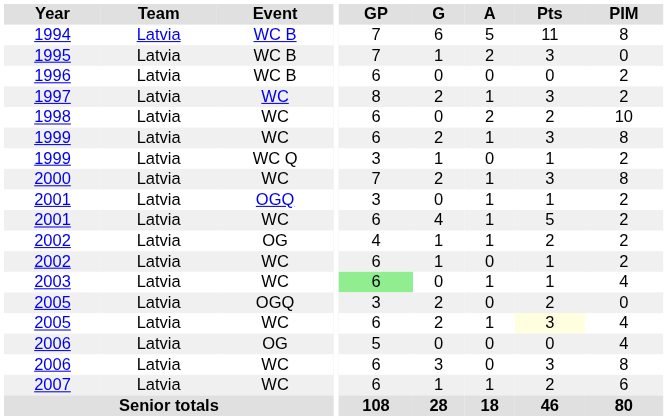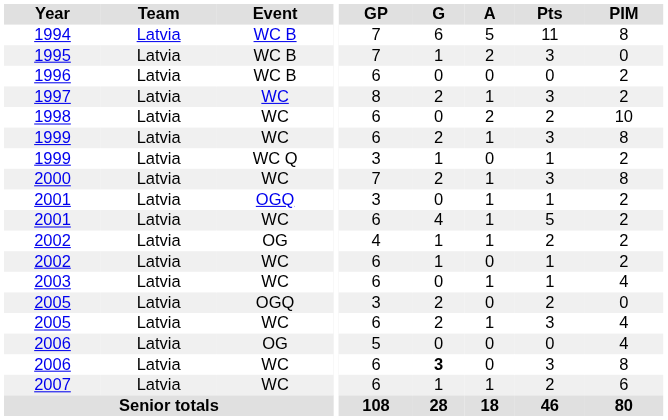 <table border="0" cellpadding="1" cellspacing="0" ID="Table3" style="text-align:center; width:40em">
 <tr ALIGN="center" bgcolor="#e0e0e0">
 <th>Year</th>
 <th>Team</th>
 <th>Event</th>
 <th rowspan="99" bgcolor="#ffffff"></th>
 <th>GP</th>
 <th>G</th>
 <th>A</th>
 <th>Pts</th>
 <th>PIM</th>
 </tr>
 <tr>
 <td><a href='#'>1994</a></td>
 <td><a href='#'>Latvia</a></td>
 <td><a href='#'>WC B</a></td>
 <td>7</td>
 <td>6</td>
 <td>5</td>
 <td>11</td>
 <td>8</td>
 </tr>
 <tr bgcolor="#f0f0f0">
 <td><a href='#'>1995</a></td>
 <td>Latvia</td>
 <td>WC B</td>
 <td>7</td>
 <td>1</td>
 <td>2</td>
 <td>3</td>
 <td>0</td>
 </tr>
 <tr>
 <td><a href='#'>1996</a></td>
 <td>Latvia</td>
 <td>WC B</td>
 <td>6</td>
 <td>0</td>
 <td>0</td>
 <td>0</td>
 <td>2</td>
 </tr>
 <tr bgcolor="#f0f0f0">
 <td><a href='#'>1997</a></td>
 <td>Latvia</td>
 <td><a href='#'>WC</a></td>
 <td>8</td>
 <td>2</td>
 <td>1</td>
 <td>3</td>
 <td>2</td>
 </tr>
 <tr>
 <td><a href='#'>1998</a></td>
 <td>Latvia</td>
 <td>WC</td>
 <td>6</td>
 <td>0</td>
 <td>2</td>
 <td>2</td>
 <td>10</td>
 </tr>
 <tr bgcolor="#f0f0f0">
 <td><a href='#'>1999</a></td>
 <td>Latvia</td>
 <td>WC</td>
 <td>6</td>
 <td>2</td>
 <td>1</td>
 <td>3</td>
 <td>8</td>
 </tr>
 <tr>
 <td><a href='#'>1999</a></td>
 <td>Latvia</td>
 <td>WC Q</td>
 <td>3</td>
 <td>1</td>
 <td>0</td>
 <td>1</td>
 <td>2</td>
 </tr>
 <tr bgcolor="#f0f0f0">
 <td><a href='#'>2000</a></td>
 <td>Latvia</td>
 <td>WC</td>
 <td>7</td>
 <td>2</td>
 <td>1</td>
 <td>3</td>
 <td>8</td>
 </tr>
 <tr>
 <td><a href='#'>2001</a></td>
 <td>Latvia</td>
 <td><a href='#'>OGQ</a></td>
 <td>3</td>
 <td>0</td>
 <td>1</td>
 <td>1</td>
 <td>2</td>
 </tr>
 <tr bgcolor="#f0f0f0">
 <td><a href='#'>2001</a></td>
 <td>Latvia</td>
 <td>WC</td>
 <td>6</td>
 <td>4</td>
 <td>1</td>
 <td>5</td>
 <td>2</td>
 </tr>
 <tr>
 <td><a href='#'>2002</a></td>
 <td>Latvia</td>
 <td>OG</td>
 <td>4</td>
 <td>1</td>
 <td>1</td>
 <td>2</td>
 <td>2</td>
 </tr>
 <tr bgcolor="#f0f0f0">
 <td><a href='#'>2002</a></td>
 <td>Latvia</td>
 <td>WC</td>
 <td>6</td>
 <td>1</td>
 <td>0</td>
 <td>1</td>
 <td>2</td>
 </tr>
 <tr>
 <td><a href='#'>2003</a></td>
 <td>Latvia</td>
 <td>WC</td>
-<td style="background: lightgreen;">6</td>
+<td>6</td>
 <td>0</td>
 <td>1</td>
 <td>1</td>
 <td>4</td>
 </tr>
 <tr bgcolor="#f0f0f0">
 <td><a href='#'>2005</a></td>
 <td>Latvia</td>
 <td>OGQ</td>
 <td>3</td>
 <td>2</td>
 <td>0</td>
 <td>2</td>
 <td>0</td>
 </tr>
 <tr>
 <td><a href='#'>2005</a></td>
 <td>Latvia</td>
 <td>WC</td>
 <td>6</td>
 <td>2</td>
 <td>1</td>
-<td style="background: lightyellow;">3</td>
+<td>3</td>
 <td>4</td>
 </tr>
 <tr bgcolor="#f0f0f0">
 <td><a href='#'>2006</a></td>
 <td>Latvia</td>
 <td>OG</td>
 <td>5</td>
 <td>0</td>
 <td>0</td>
 <td>0</td>
 <td>4</td>
 </tr>
 <tr>
 <td><a href='#'>2006</a></td>
 <td>Latvia</td>
 <td>WC</td>
 <td>6</td>
-<td>3</td>
+<td><strong>3</strong></td>
 <td>0</td>
 <td>3</td>
 <td>8</td>
 </tr>
 <tr bgcolor="#f0f0f0">
 <td><a href='#'>2007</a></td>
 <td>Latvia</td>
 <td>WC</td>
 <td>6</td>
 <td>1</td>
 <td>1</td>
 <td>2</td>
 <td>6</td>
 </tr>
 <tr bgcolor="#e0e0e0">
 <th colspan="3">Senior totals</th>
 <th>108</th>
 <th>28</th>
 <th>18</th>
 <th>46</th>
 <th>80</th>
 </tr>
 </table>
